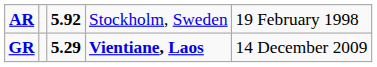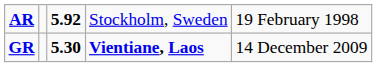 <table class="wikitable" style="font-size:95%; position:relative;">
 <tr>
 <td align=center><strong><a href='#'>AR</a></strong></td>
 <td></td>
 <td><strong>5.92</strong></td>
 <td><a href='#'>Stockholm</a>, <a href='#'>Sweden</a></td>
 <td>19 February 1998</td>
 </tr>
 <tr>
 <td align=center><strong><a href='#'>GR</a></strong></td>
 <td></td>
-<td><strong>5.29</strong></td>
+<td><strong>5.30</strong></td>
 <td><strong><a href='#'>Vientiane</a>, <a href='#'>Laos</a></strong></td>
 <td>14 December 2009</td>
 </tr>
 </table>
